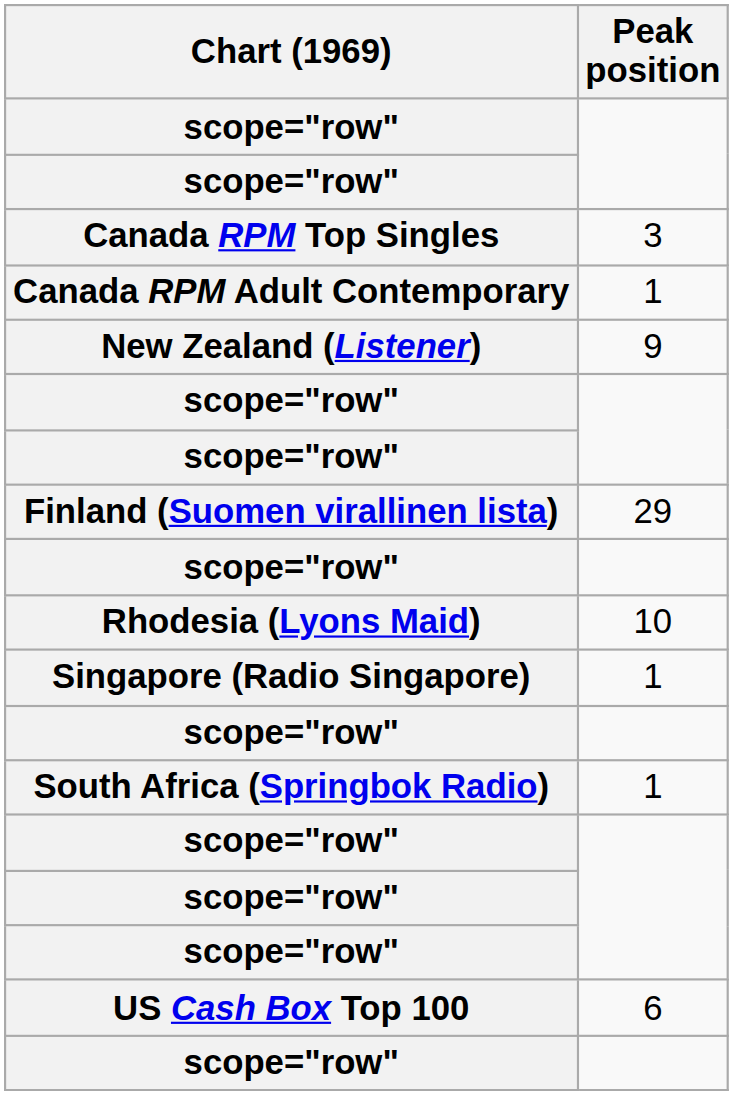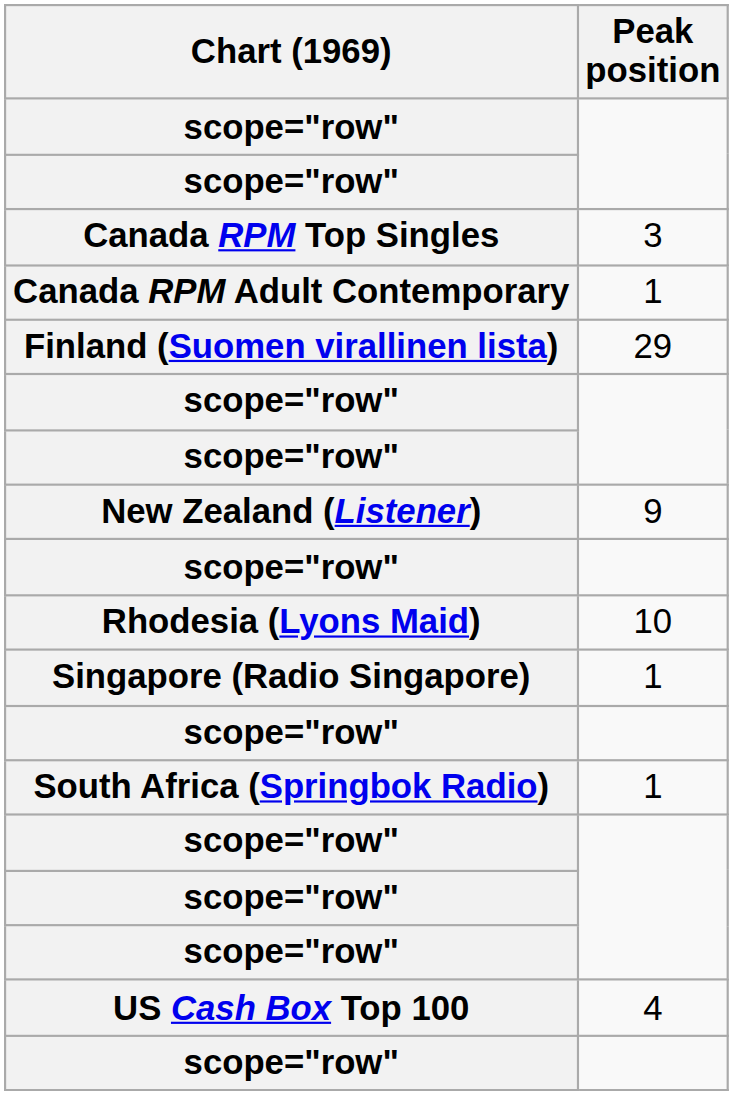 <table class="wikitable sortable plainrowheaders" style="text-align:center">
 <tr>
 <th scope="col">Chart (1969)</th>
 <th scope="col">Peak<br>position</th>
 </tr>
 <tr>
 <th>scope="row"</th>
 </tr>
 <tr>
 <th>scope="row"</th>
 </tr>
 <tr>
 <th scope="row">Canada <a href='#'><em>RPM</em></a> Top Singles</th>
 <td style="text-align:center;">3</td>
 </tr>
 <tr>
 <th scope="row">Canada <em>RPM</em> Adult Contemporary</th>
 <td style="text-align:center;">1</td>
 </tr>
 <tr>
-<th scope="row">New Zealand (<em><a href='#'>Listener</a></em>)</th>
-<td style="text-align:center;">9</td>
+<th scope="row">Finland (<a href='#'>Suomen virallinen lista</a>)</th>
+<td align="center">29</td>
 </tr>
 <tr>
 <th>scope="row"</th>
 </tr>
 <tr>
 <th>scope="row"</th>
 </tr>
 <tr>
-<th scope="row">Finland (<a href='#'>Suomen virallinen lista</a>)</th>
-<td align="center">29</td>
+<th scope="row">New Zealand (<em><a href='#'>Listener</a></em>)</th>
+<td style="text-align:center;">9</td>
 </tr>
 <tr>
 <th>scope="row"</th>
 </tr>
 <tr>
 <th scope="row">Rhodesia (<a href='#'>Lyons Maid</a>)</th>
 <td>10</td>
 </tr>
 <tr>
 <th scope="row">Singapore (Radio Singapore)</th>
 <td>1</td>
 </tr>
 <tr>
 <th>scope="row"</th>
 </tr>
 <tr>
 <th scope="row">South Africa (<a href='#'>Springbok Radio</a>)</th>
 <td style="text-align:center;">1</td>
 </tr>
 <tr>
 <th>scope="row"</th>
 </tr>
 <tr>
 <th>scope="row"</th>
 </tr>
 <tr>
 <th>scope="row"</th>
 </tr>
 <tr>
 <th scope="row">US <a href='#'><em>Cash Box</em></a> Top 100</th>
-<td style="text-align:center;">6</td>
+<td style="text-align:center;">4</td>
 </tr>
 <tr>
 <th>scope="row"</th>
 </tr>
 </table>
